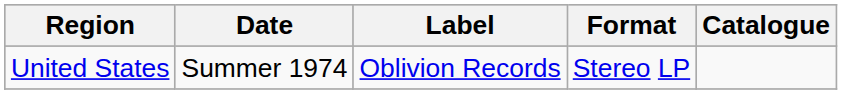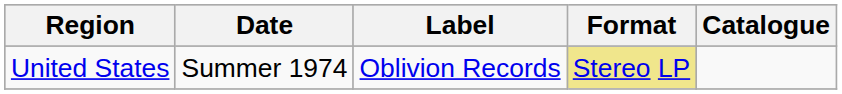 <table class="wikitable">
 <tr>
 <th>Region</th>
 <th>Date</th>
 <th>Label</th>
 <th>Format</th>
 <th>Catalogue</th>
 </tr>
 <tr>
 <td rowspan="2"><a href='#'>United States</a></td>
 <td rowspan="2">Summer 1974</td>
 <td rowspan="2"><a href='#'>Oblivion Records</a></td>
-<td><a href='#'>Stereo</a> <a href='#'>LP</a></td>
+<td style="background: khaki;"><a href='#'>Stereo</a> <a href='#'>LP</a></td>
 <td></td>
 </tr>
 </table>
